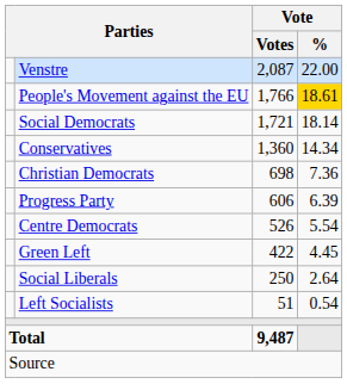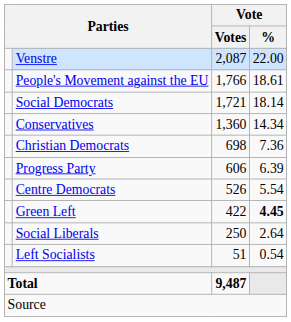 <table class="wikitable" style="text-align:right;">
 <tr>
 <th style="text-align:centre;" rowspan="2" colspan="2" width="225">Parties</th>
 <th colspan="3">Vote</th>
 </tr>
 <tr>
 <th width="15">Votes</th>
 <th width="15">%</th>
 </tr>
 <tr>
 <td width="2" style="color:inherit;background:"></td>
 <td bgcolor=#cfe5fe   align="left"><a href='#'>Venstre</a></td>
 <td bgcolor=#cfe5fe>2,087</td>
 <td bgcolor=#cfe5fe>22.00</td>
 </tr>
 <tr>
 <td width="2" style="color:inherit;background:"></td>
 <td align="left"><a href='#'>People's Movement against the EU</a></td>
 <td>1,766</td>
-<td style="background: gold;">18.61</td>
+<td>18.61</td>
 </tr>
 <tr>
 <td width="2" style="color:inherit;background:"></td>
 <td align="left"><a href='#'>Social Democrats</a></td>
 <td>1,721</td>
 <td>18.14</td>
 </tr>
 <tr>
 <td width="2" style="color:inherit;background:"></td>
 <td align="left"><a href='#'>Conservatives</a></td>
 <td>1,360</td>
 <td>14.34</td>
 </tr>
 <tr>
 <td width="2" style="color:inherit;background:"></td>
 <td align="left"><a href='#'>Christian Democrats</a></td>
 <td>698</td>
 <td>7.36</td>
 </tr>
 <tr>
 <td width="2" style="color:inherit;background:"></td>
 <td align="left"><a href='#'>Progress Party</a></td>
 <td>606</td>
 <td>6.39</td>
 </tr>
 <tr>
 <td width="2" style="color:inherit;background:"></td>
 <td align="left"><a href='#'>Centre Democrats</a></td>
 <td>526</td>
 <td>5.54</td>
 </tr>
 <tr>
 <td width="2" style="color:inherit;background:"></td>
 <td align="left"><a href='#'>Green Left</a></td>
 <td>422</td>
-<td>4.45</td>
+<td><strong>4.45</strong></td>
 </tr>
 <tr>
 <td width="2" style="color:inherit;background:"></td>
 <td align="left"><a href='#'>Social Liberals</a></td>
 <td>250</td>
 <td>2.64</td>
 </tr>
 <tr>
 <td width="2" style="color:inherit;background:"></td>
 <td align="left"><a href='#'>Left Socialists</a></td>
 <td>51</td>
 <td>0.54</td>
 </tr>
 <tr>
 <td colspan="7" bgcolor="#E9E9E9"></td>
 </tr>
 <tr>
 <td align="left" colspan="2"><strong>Total</strong></td>
 <td><strong>9,487</strong></td>
 <td bgcolor="#E9E9E9" colspan="2"></td>
 </tr>
 <tr>
 <td align="left" colspan="6">Source</td>
 </tr>
 </table>
